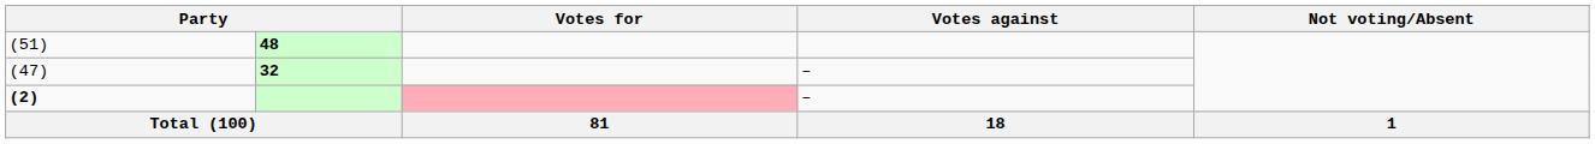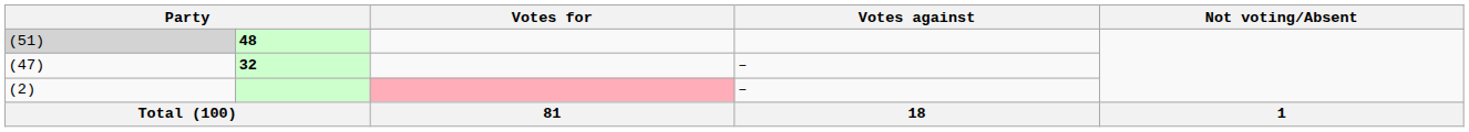 <table class="wikitable" style="width:80%;">
 <tr>
 <th colspan="2" style="width:20%;">Party</th>
 <th style="width:20%;">Votes for</th>
 <th style="width:20%;">Votes against</th>
 <th style="width:20%;">Not voting/Absent</th>
 </tr>
 <tr>
-<td> (51)</td>
+<td style="background: lightgrey;"> (51)</td>
 <td style="background:#cfc;"><strong>48</strong></td>
 <td></td>
 <td></td>
 </tr>
 <tr>
 <td> (47)</td>
 <td style="background:#cfc;"><strong>32</strong></td>
 <td></td>
 <td>–</td>
 </tr>
 <tr>
-<td><strong> (2)</strong></td>
+<td> (2)</td>
 <td style="background:#cfc;"></td>
 <td style="background:#ffaeb9;"></td>
 <td>–</td>
 </tr>
 <tr>
 <th colspan="2">Total (100)</th>
 <th>81</th>
 <th>18</th>
 <th>1</th>
 </tr>
 </table>
